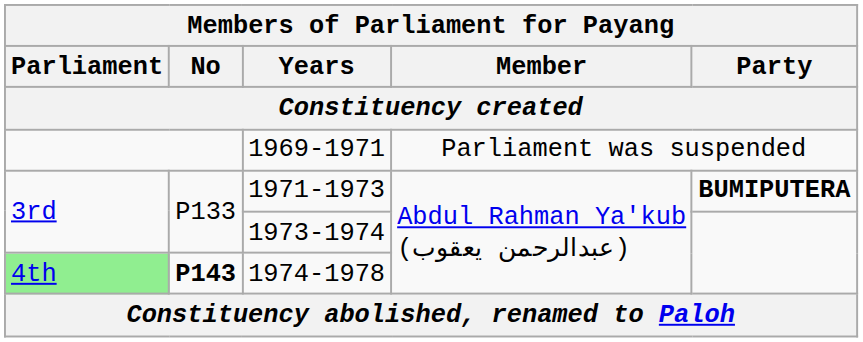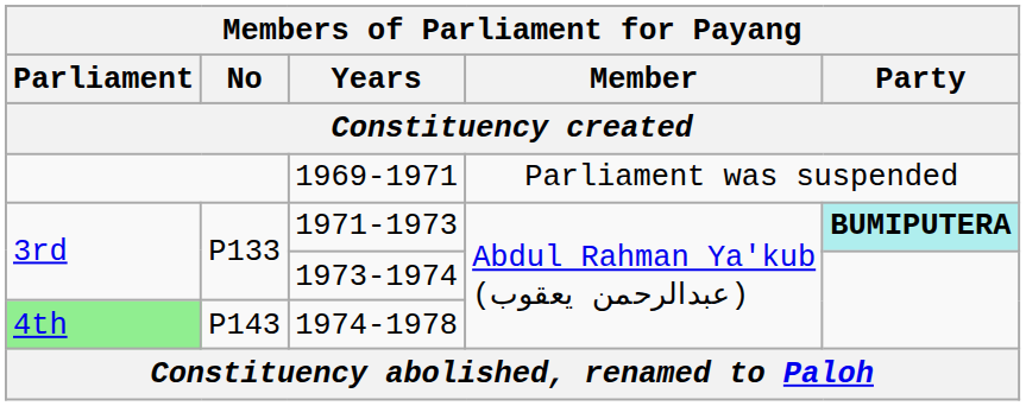 <table class=wikitable>
 <tr>
 <th colspan="5">Members of Parliament for Payang</th>
 </tr>
 <tr>
 <th>Parliament</th>
 <th>No</th>
 <th>Years</th>
 <th>Member</th>
 <th>Party</th>
 </tr>
 <tr>
 <th colspan="5" align="center"><em>Constituency created</em></th>
 </tr>
 <tr>
 <td colspan="2"></td>
 <td>1969-1971</td>
 <td colspan=2 align=center>Parliament was suspended</td>
 </tr>
 <tr>
 <td rowspan=2><a href='#'>3rd</a></td>
 <td rowspan="2">P133</td>
 <td>1971-1973</td>
 <td rowspan=3><a href='#'>Abdul Rahman Ya'kub</a> <br> (عبدالرحمن يعقوب‎)</td>
-<td><strong>BUMIPUTERA</strong></td>
+<td style="background: paleturquoise;"><strong>BUMIPUTERA</strong></td>
 </tr>
 <tr>
 <td>1973-1974</td>
 <td rowspan="2"></td>
 </tr>
 <tr>
 <td style="background: lightgreen;"><a href='#'>4th</a></td>
-<td><strong>P143</strong></td>
+<td>P143</td>
 <td>1974-1978</td>
 </tr>
 <tr>
 <th colspan="5" align="center"><em>Constituency abolished, renamed to <a href='#'>Paloh</a></em></th>
 </tr>
 </table>
